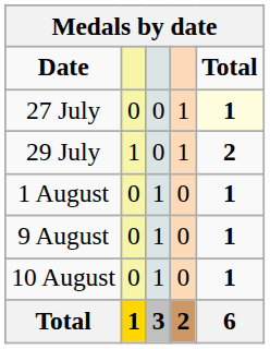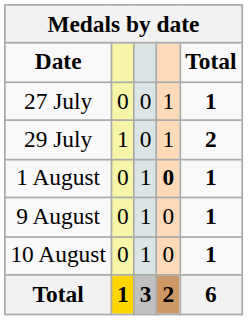 <table class="wikitable" style="font-size:85%">
 <tr bgcolor="#efefef">
 <th colspan=6>Medals by date</th>
 </tr>
 <tr align=center>
 <td><strong>Date</strong></td>
 <td bgcolor=#f7f6a8></td>
 <td bgcolor=#dce5e5></td>
 <td bgcolor=#ffdab9></td>
 <td><strong>Total</strong></td>
 </tr>
 <tr align=center>
 <td>27 July</td>
 <td style="background:#F7F6A8;">0</td>
 <td style="background:#DCE5E5;">0</td>
 <td style="background:#FFDAB9;">1</td>
-<td style="background: lightyellow;"><strong>1</strong></td>
+<td><strong>1</strong></td>
 </tr>
 <tr align=center>
 <td>29 July</td>
 <td style="background:#F7F6A8;">1</td>
 <td style="background:#DCE5E5;">0</td>
 <td style="background:#FFDAB9;">1</td>
 <td><strong>2</strong></td>
 </tr>
 <tr align=center>
 <td>1 August</td>
 <td style="background:#F7F6A8;">0</td>
 <td style="background:#DCE5E5;">1</td>
-<td style="background:#FFDAB9;">0</td>
+<td style="background:#FFDAB9;"><strong>0</strong></td>
 <td><strong>1</strong></td>
 </tr>
 <tr align=center>
 <td>9 August</td>
 <td style="background:#F7F6A8;">0</td>
 <td style="background:#DCE5E5;">1</td>
 <td style="background:#FFDAB9;">0</td>
 <td><strong>1</strong></td>
 </tr>
 <tr align=center>
 <td>10 August</td>
 <td style="background:#F7F6A8;">0</td>
 <td style="background:#DCE5E5;">1</td>
 <td style="background:#FFDAB9;">0</td>
 <td><strong>1</strong></td>
 </tr>
 <tr align=center>
 <th><strong>Total</strong></th>
 <th style="background:gold;"><strong>1</strong></th>
 <th style="background:silver;"><strong>3</strong></th>
 <th style="background:#c96;"><strong>2</strong></th>
 <th>6</th>
 </tr>
 </table>
